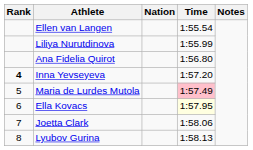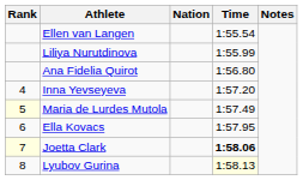 <table class="wikitable sortable" style="text-align:center">
 <tr>
 <th>Rank</th>
 <th>Athlete</th>
 <th>Nation</th>
 <th>Time</th>
 <th>Notes</th>
 </tr>
 <tr>
 <td></td>
 <td align=left><a href='#'>Ellen van Langen</a></td>
 <td align=left></td>
 <td>1:55.54</td>
 </tr>
 <tr>
 <td></td>
 <td align=left><a href='#'>Liliya Nurutdinova</a></td>
 <td align=left></td>
 <td>1:55.99</td>
 </tr>
 <tr>
 <td></td>
 <td align=left><a href='#'>Ana Fidelia Quirot</a></td>
 <td align=left></td>
 <td>1:56.80</td>
 </tr>
 <tr>
-<td><strong>4</strong></td>
+<td>4</td>
 <td align=left><a href='#'>Inna Yevseyeva</a></td>
 <td align=left></td>
 <td>1:57.20</td>
 </tr>
 <tr>
-<td>5</td>
+<td style="background: lightyellow;">5</td>
 <td align=left><a href='#'>Maria de Lurdes Mutola</a></td>
 <td align=left></td>
-<td style="background: pink;">1:57.49</td>
+<td>1:57.49</td>
 </tr>
 <tr>
 <td>6</td>
 <td align=left><a href='#'>Ella Kovacs</a></td>
 <td align=left></td>
-<td style="background: lightyellow;">1:57.95</td>
+<td>1:57.95</td>
 </tr>
 <tr>
-<td>7</td>
+<td style="background: lightyellow;">7</td>
 <td align=left><a href='#'>Joetta Clark</a></td>
 <td align=left></td>
-<td>1:58.06</td>
+<td><strong>1:58.06</strong></td>
 </tr>
 <tr>
 <td>8</td>
 <td align=left><a href='#'>Lyubov Gurina</a></td>
 <td align=left></td>
-<td>1:58.13</td>
+<td style="background: lightyellow;">1:58.13</td>
 </tr>
 </table>
